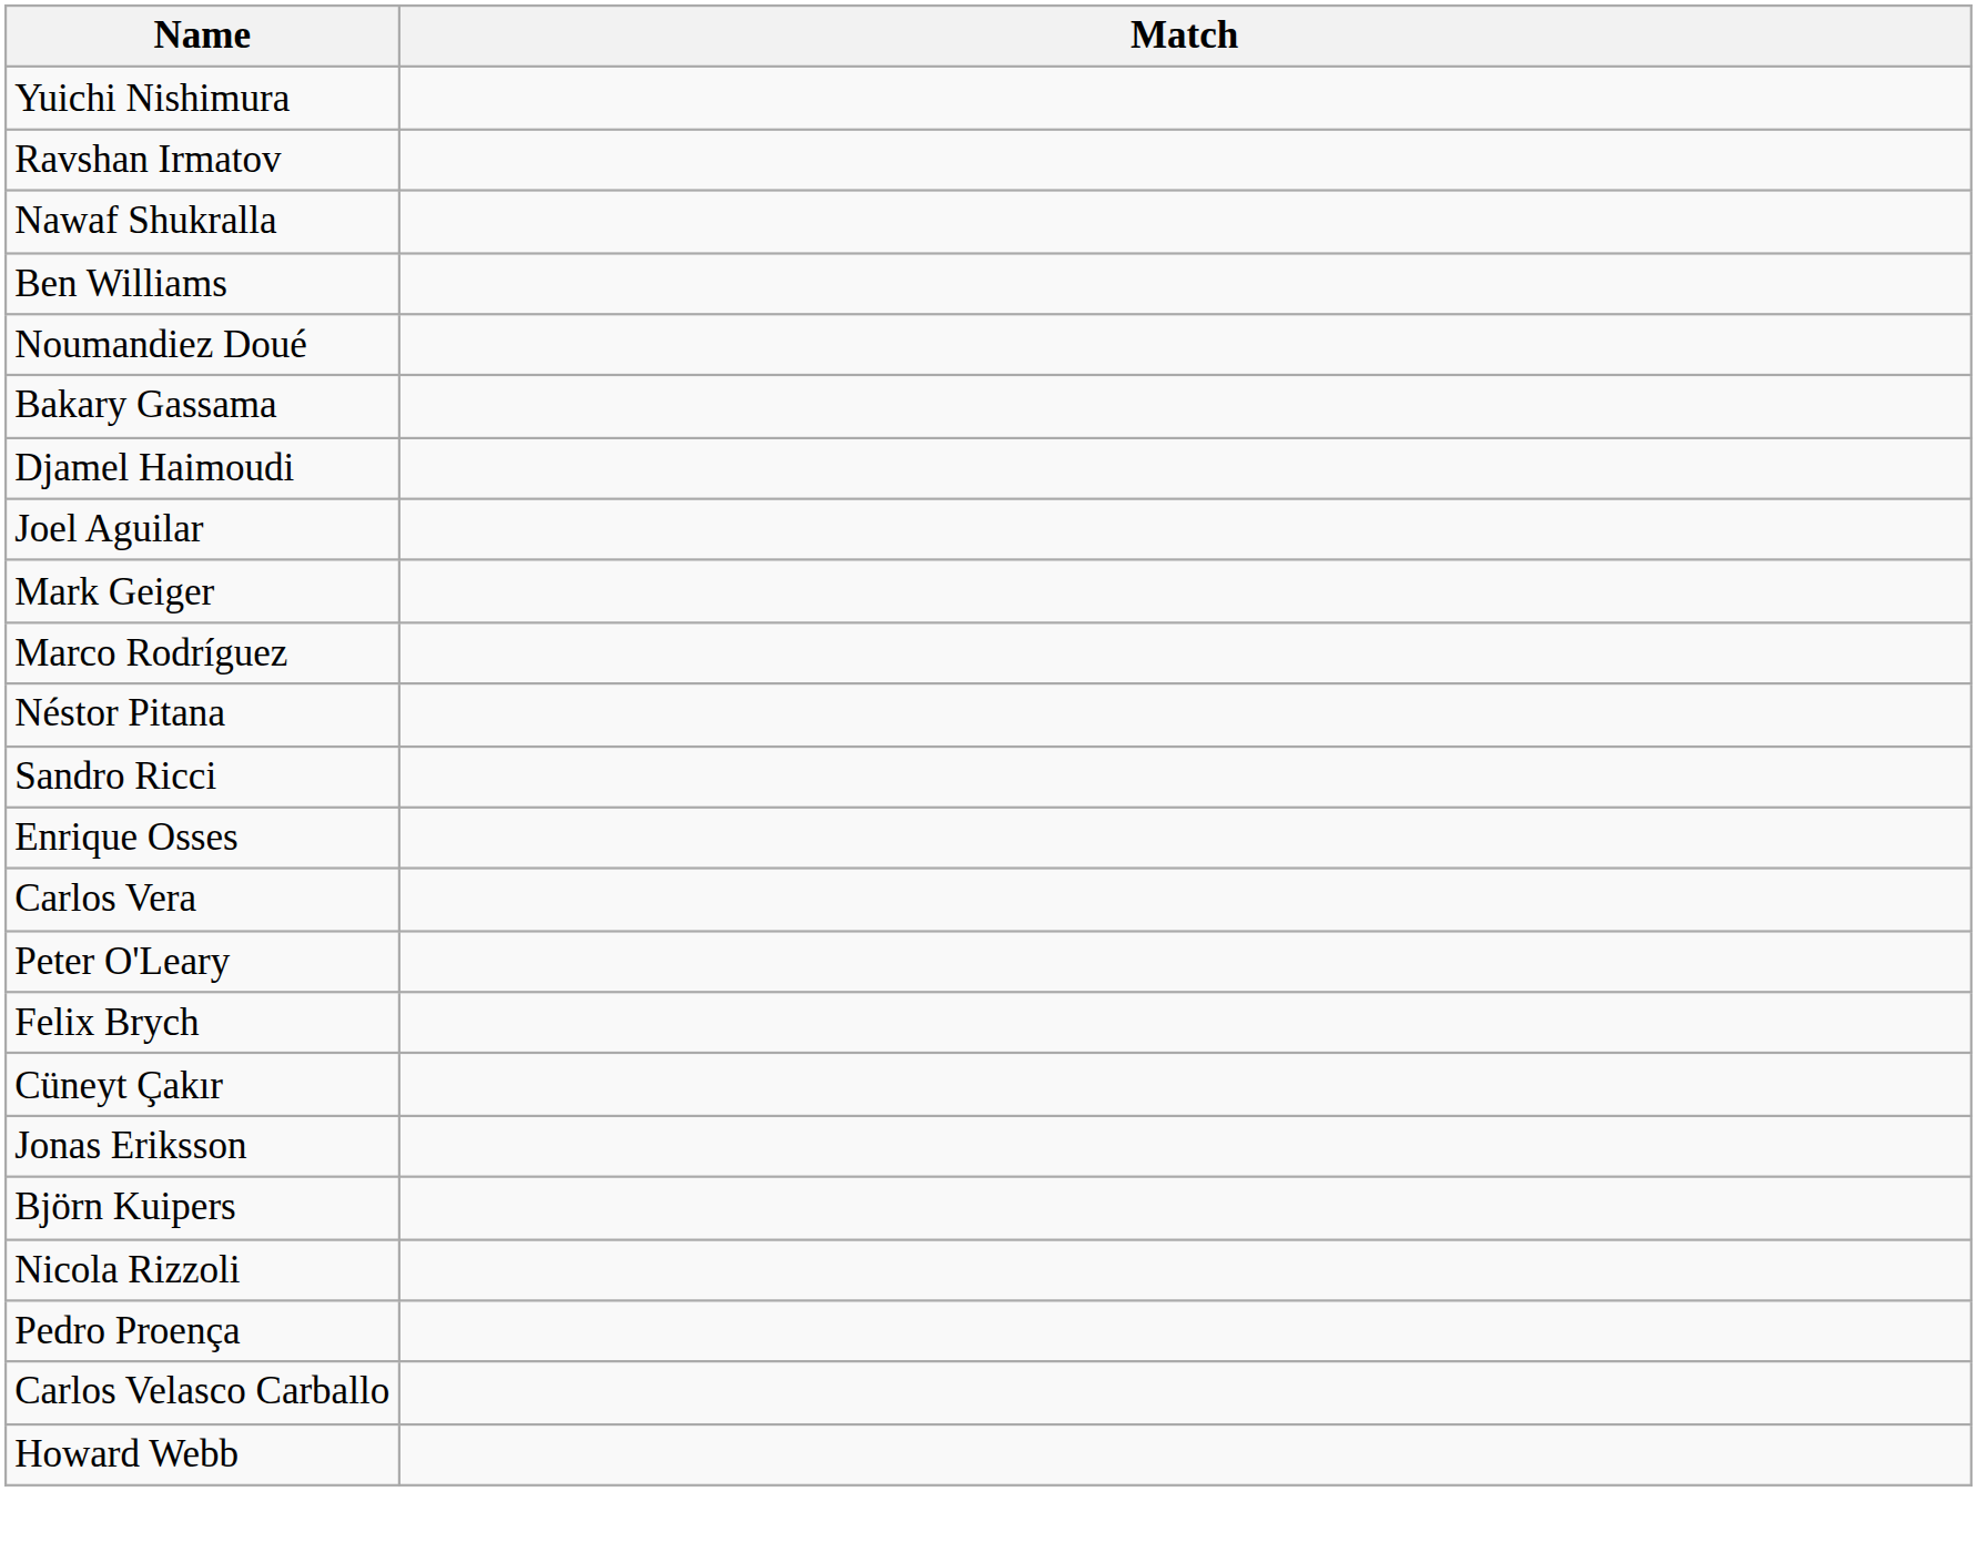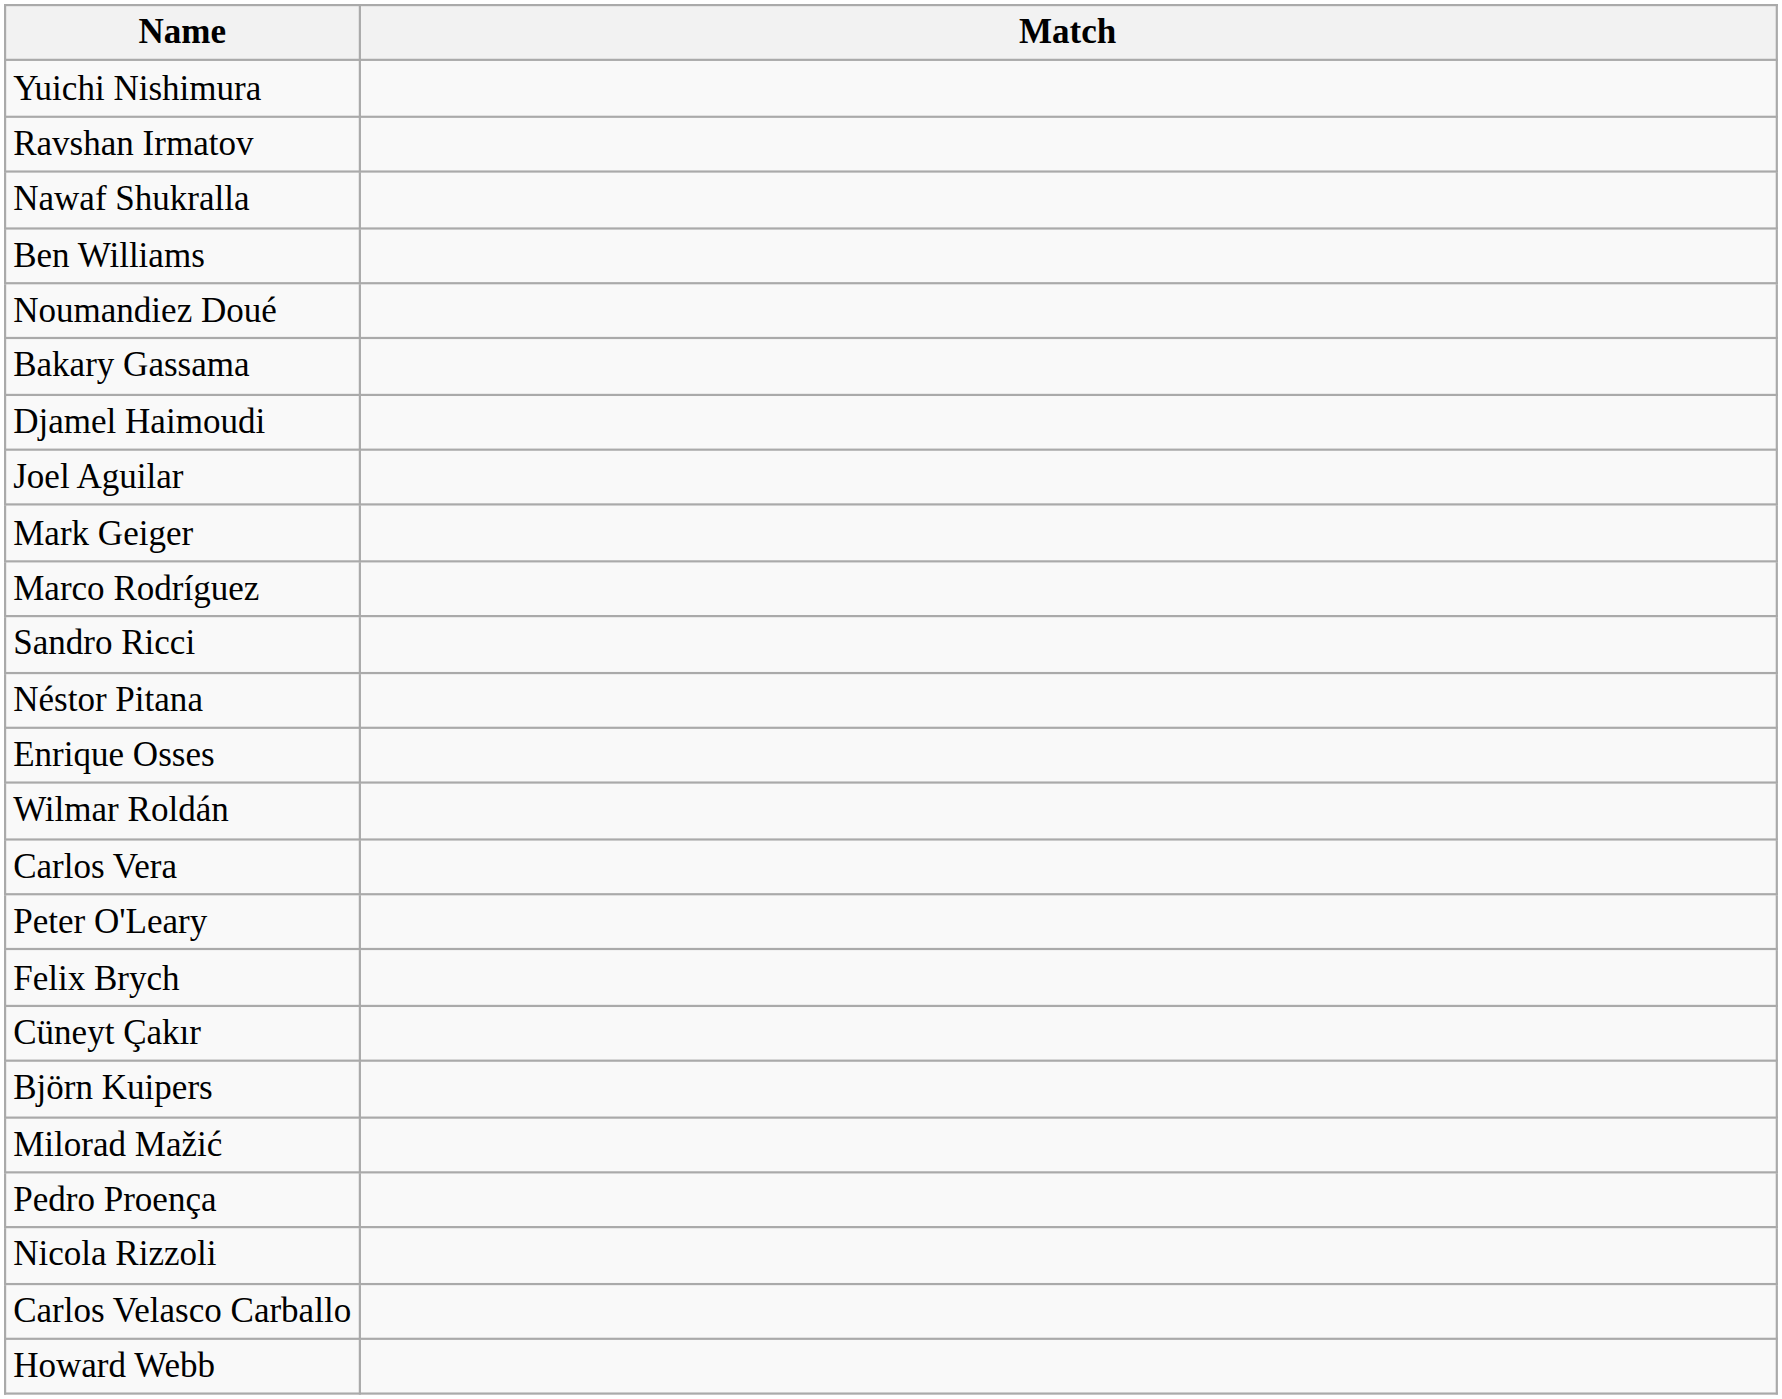 <table class="wikitable">
 <tr>
 <th width="20%">Name</th>
 <th width="80%">Match</th>
 </tr>
 <tr>
 <td>Yuichi Nishimura</td>
 <td><br></td>
 </tr>
 <tr>
 <td>Ravshan Irmatov</td>
 <td><br>  </td>
 </tr>
 <tr>
 <td>Nawaf Shukralla</td>
 <td><br> </td>
 </tr>
 <tr>
 <td>Ben Williams</td>
 <td><br>  </td>
 </tr>
 <tr>
 <td>Noumandiez Doué</td>
 <td><br></td>
 </tr>
 <tr>
 <td>Bakary Gassama</td>
 <td><br></td>
 </tr>
 <tr>
 <td>Djamel Haimoudi</td>
 <td><br>   </td>
 </tr>
 <tr>
 <td>Joel Aguilar</td>
 <td><br> </td>
 </tr>
 <tr>
 <td>Mark Geiger</td>
 <td><br>  </td>
 </tr>
 <tr>
 <td>Marco Rodríguez</td>
 <td><br>  </td>
 </tr>
 <tr>
+<td>Sandro Ricci</td>
+<td><br>  </td>
+</tr>
+<tr>
 <td>Néstor Pitana</td>
 <td><br>   </td>
 </tr>
 <tr>
-<td>Sandro Ricci</td>
-<td><br>  </td>
+<td>Enrique Osses</td>
+<td><br> </td>
 </tr>
 <tr>
-<td>Enrique Osses</td>
+<td>Wilmar Roldán</td>
 <td><br> </td>
 </tr>
 <tr>
 <td>Carlos Vera</td>
 <td><br> </td>
 </tr>
 <tr>
 <td>Peter O'Leary</td>
 <td><br></td>
 </tr>
 <tr>
 <td>Felix Brych</td>
 <td><br> </td>
 </tr>
 <tr>
 <td>Cüneyt Çakır</td>
 <td><br>  </td>
 </tr>
 <tr>
-<td>Jonas Eriksson</td>
+<td>Björn Kuipers</td>
 <td><br>  </td>
 </tr>
 <tr>
-<td>Björn Kuipers</td>
+<td>Milorad Mažić</td>
+<td><br> </td>
+</tr>
+<tr>
+<td>Pedro Proença</td>
 <td><br>  </td>
 </tr>
 <tr>
 <td>Nicola Rizzoli</td>
 <td><br>   </td>
-</tr>
-<tr>
-<td>Pedro Proença</td>
-<td><br>  </td>
 </tr>
 <tr>
 <td>Carlos Velasco Carballo</td>
 <td><br>  </td>
 </tr>
 <tr>
 <td>Howard Webb</td>
 <td><br> </td>
 </tr>
 </table>
